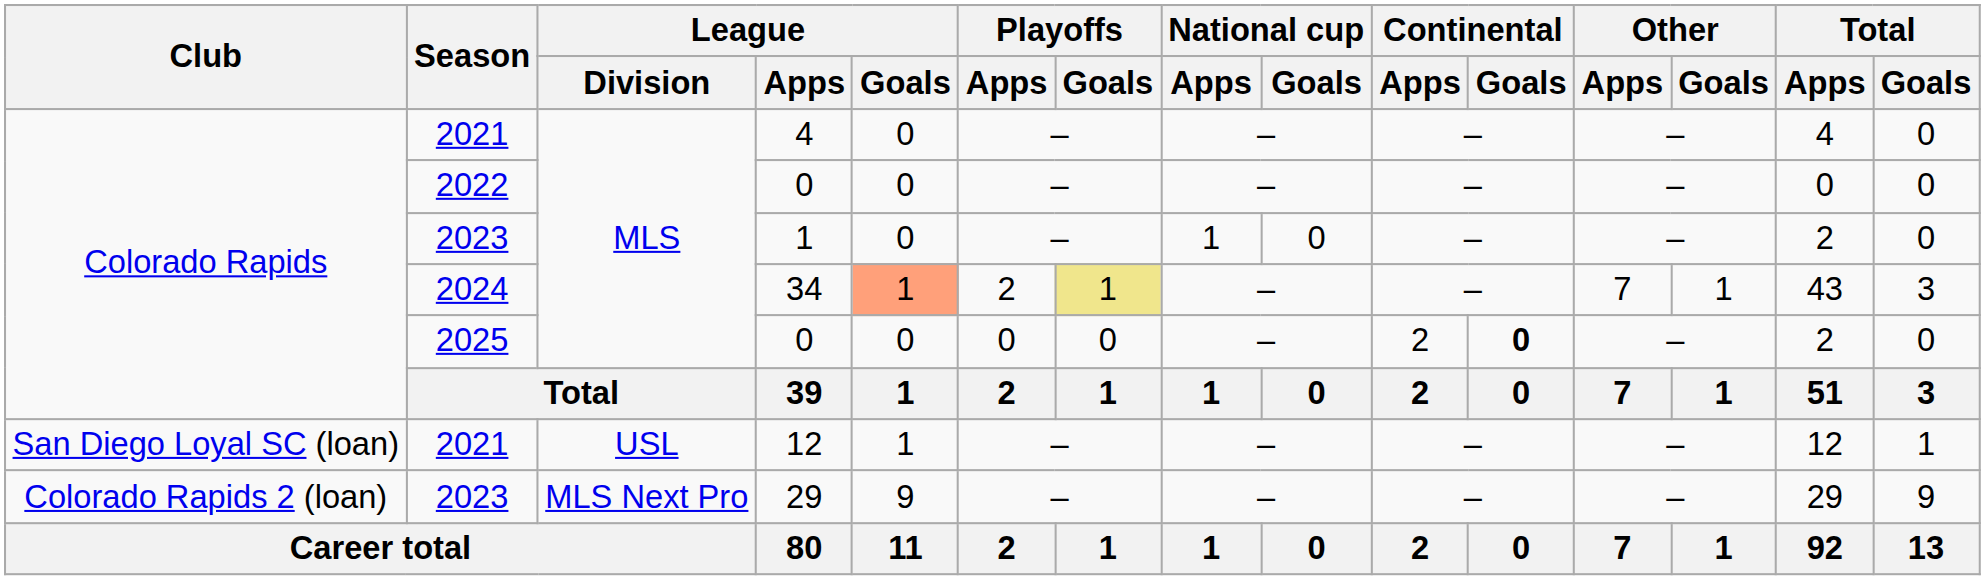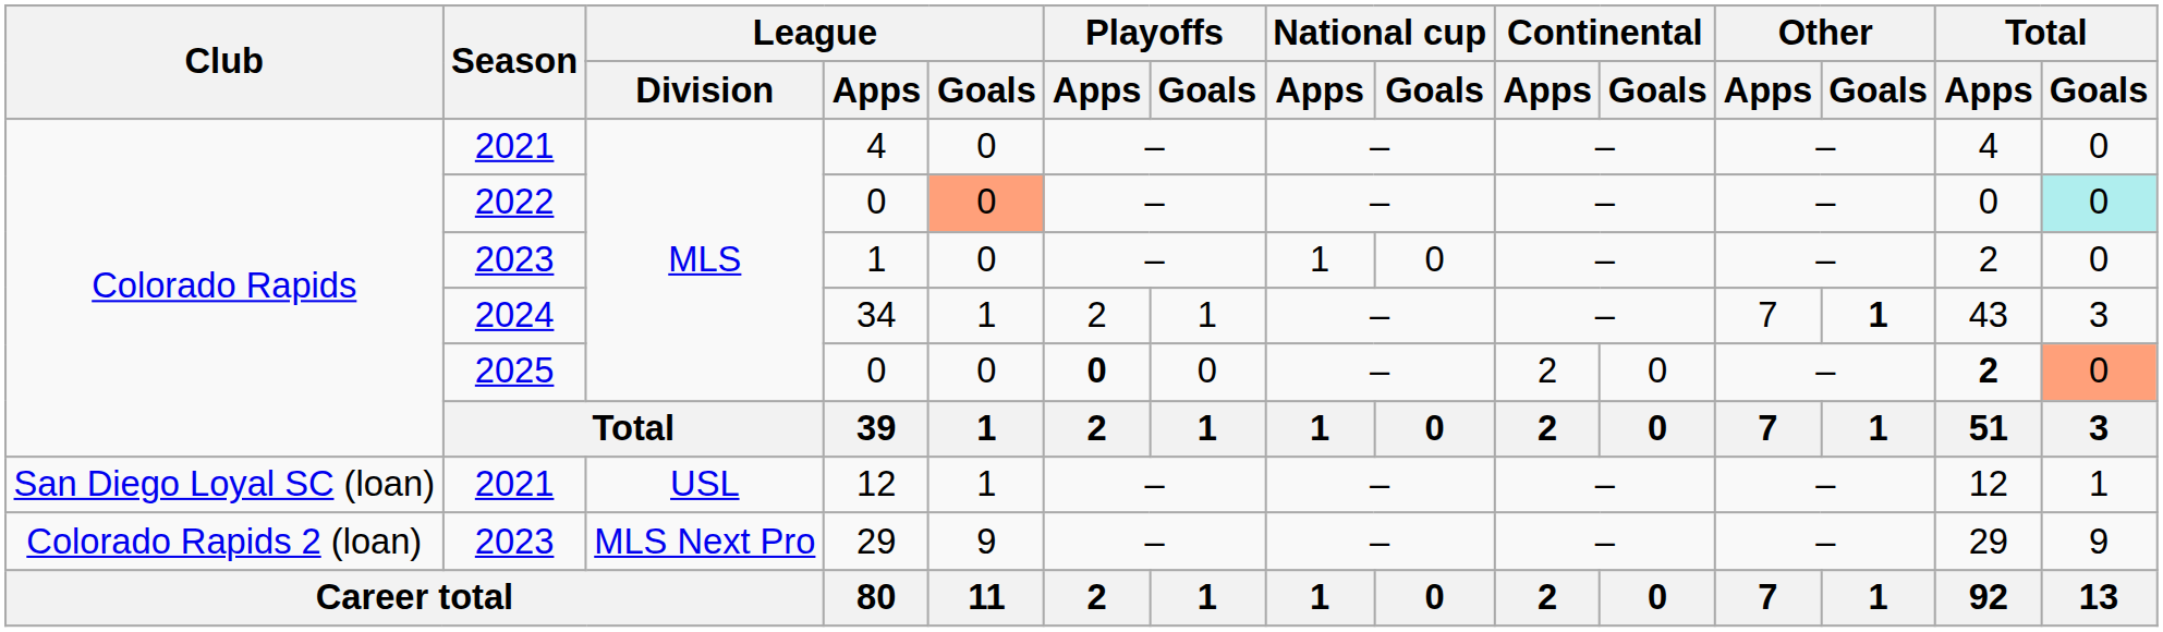 <table class="wikitable" style="text-align:center">
 <tr>
 <th rowspan="2">Club</th>
 <th rowspan="2">Season</th>
 <th colspan="3">League</th>
 <th colspan="2">Playoffs</th>
 <th colspan="2">National cup</th>
 <th colspan="2">Continental</th>
 <th colspan="2">Other</th>
 <th colspan="2">Total</th>
 </tr>
 <tr>
 <th>Division</th>
 <th>Apps</th>
 <th>Goals</th>
 <th>Apps</th>
 <th>Goals</th>
 <th>Apps</th>
 <th>Goals</th>
 <th>Apps</th>
 <th>Goals</th>
 <th>Apps</th>
 <th>Goals</th>
 <th>Apps</th>
 <th>Goals</th>
 </tr>
 <tr>
 <td rowspan=6><a href='#'>Colorado Rapids</a></td>
 <td><a href='#'>2021</a></td>
 <td rowspan=5><a href='#'>MLS</a></td>
 <td>4</td>
 <td>0</td>
 <td colspan="2">–</td>
 <td colspan="2">–</td>
 <td colspan="2">–</td>
 <td colspan="2">–</td>
 <td>4</td>
 <td>0</td>
 </tr>
 <tr>
 <td><a href='#'>2022</a></td>
 <td>0</td>
-<td>0</td>
+<td style="background: lightsalmon;">0</td>
 <td colspan="2">–</td>
 <td colspan="2">–</td>
 <td colspan="2">–</td>
 <td colspan="2">–</td>
 <td>0</td>
-<td>0</td>
+<td style="background: paleturquoise;">0</td>
 </tr>
 <tr>
 <td><a href='#'>2023</a></td>
 <td>1</td>
 <td>0</td>
 <td colspan="2">–</td>
 <td>1</td>
 <td>0</td>
 <td colspan="2">–</td>
 <td colspan="2">–</td>
 <td>2</td>
 <td>0</td>
 </tr>
 <tr>
 <td><a href='#'>2024</a></td>
 <td>34</td>
-<td style="background: lightsalmon;">1</td>
+<td>1</td>
 <td>2</td>
-<td style="background: khaki;">1</td>
+<td>1</td>
 <td colspan="2">–</td>
 <td colspan="2">–</td>
 <td>7</td>
-<td>1</td>
+<td><strong>1</strong></td>
 <td>43</td>
 <td>3</td>
 </tr>
 <tr>
 <td><a href='#'>2025</a></td>
 <td>0</td>
 <td>0</td>
-<td>0</td>
+<td><strong>0</strong></td>
 <td>0</td>
 <td colspan="2">–</td>
 <td>2</td>
-<td><strong>0</strong></td>
+<td>0</td>
 <td colspan="2">–</td>
-<td>2</td>
-<td>0</td>
+<td><strong>2</strong></td>
+<td style="background: lightsalmon;">0</td>
 </tr>
 <tr>
 <th colspan="2">Total</th>
 <th>39</th>
 <th>1</th>
 <th>2</th>
 <th>1</th>
 <th>1</th>
 <th>0</th>
 <th>2</th>
 <th>0</th>
 <th>7</th>
 <th>1</th>
 <th>51</th>
 <th>3</th>
 </tr>
 <tr>
 <td><a href='#'>San Diego Loyal SC</a> (loan)</td>
 <td><a href='#'>2021</a></td>
 <td><a href='#'>USL</a></td>
 <td>12</td>
 <td>1</td>
 <td colspan="2">–</td>
 <td colspan="2">–</td>
 <td colspan="2">–</td>
 <td colspan="2">–</td>
 <td>12</td>
 <td>1</td>
 </tr>
 <tr>
 <td><a href='#'>Colorado Rapids 2</a> (loan)</td>
 <td><a href='#'>2023</a></td>
 <td><a href='#'>MLS Next Pro</a></td>
 <td>29</td>
 <td>9</td>
 <td colspan="2">–</td>
 <td colspan="2">–</td>
 <td colspan="2">–</td>
 <td colspan="2">–</td>
 <td>29</td>
 <td>9</td>
 </tr>
 <tr>
 <th colspan="3">Career total</th>
 <th>80</th>
 <th>11</th>
 <th>2</th>
 <th>1</th>
 <th>1</th>
 <th>0</th>
 <th>2</th>
 <th>0</th>
 <th>7</th>
 <th>1</th>
 <th>92</th>
 <th>13</th>
 </tr>
 </table>
